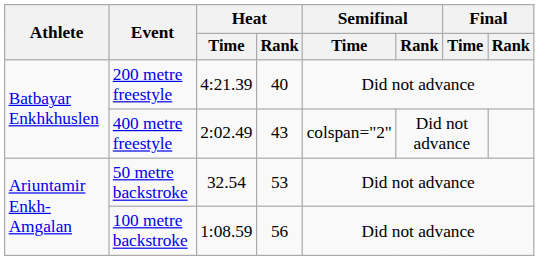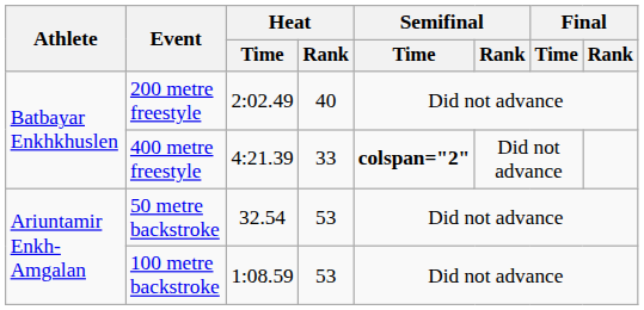 <table class="wikitable" style="text-align:center; font-size:90%; width:50%;">
 <tr>
 <th rowspan="2">Athlete</th>
 <th rowspan="2">Event</th>
 <th colspan="2">Heat</th>
 <th colspan="2">Semifinal</th>
 <th colspan="2">Final</th>
 </tr>
 <tr style="font-size:95%">
 <th>Time</th>
 <th>Rank</th>
 <th>Time</th>
 <th>Rank</th>
 <th>Time</th>
 <th>Rank</th>
 </tr>
 <tr>
 <td align=left rowspan=2><a href='#'>Batbayar Enkhkhuslen</a></td>
 <td align=left><a href='#'>200 metre freestyle</a></td>
-<td>4:21.39</td>
+<td>2:02.49</td>
 <td>40</td>
 <td colspan=4>Did not advance</td>
 </tr>
 <tr>
 <td align=left><a href='#'>400 metre freestyle</a></td>
-<td>2:02.49</td>
-<td>43</td>
-<td>colspan="2" </td>
+<td>4:21.39</td>
+<td>33</td>
+<td><strong>colspan="2" </strong></td>
 <td colspan="2">Did not advance</td>
 </tr>
 <tr>
 <td align=left rowspan=2><a href='#'>Ariuntamir Enkh-Amgalan</a></td>
 <td align=left><a href='#'>50 metre backstroke</a></td>
 <td>32.54</td>
 <td>53</td>
 <td colspan=4>Did not advance</td>
 </tr>
 <tr>
 <td align=left><a href='#'>100 metre backstroke</a></td>
 <td>1:08.59</td>
-<td>56</td>
+<td>53</td>
 <td colspan=4>Did not advance</td>
 </tr>
 </table>
